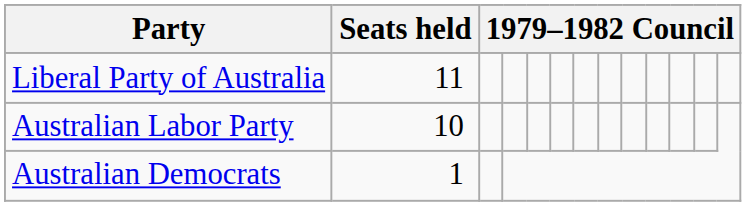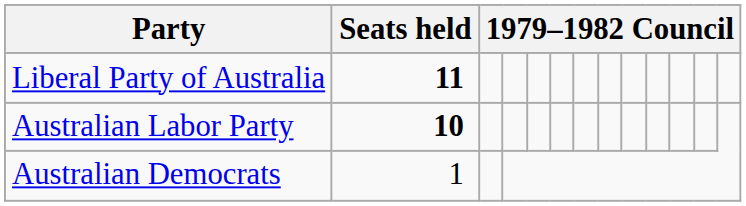 <table class="wikitable">
 <tr>
 <th rowspan=1>Party</th>
 <th colspan=1>Seats held</th>
 <th rowspan=1 colspan=11>1979–1982 Council</th>
 </tr>
 <tr>
 <td><a href='#'>Liberal Party of Australia</a></td>
-<td align=right>11 </td>
+<td align=right><strong>11 </strong></td>
 <td> </td>
 <td> </td>
 <td> </td>
 <td> </td>
 <td> </td>
 <td> </td>
 <td> </td>
 <td> </td>
 <td> </td>
 <td> </td>
 <td> </td>
 </tr>
 <tr>
 <td><a href='#'>Australian Labor Party</a></td>
-<td align=right>10 </td>
+<td align=right><strong>10 </strong></td>
 <td> </td>
 <td> </td>
 <td> </td>
 <td> </td>
 <td> </td>
 <td> </td>
 <td> </td>
 <td> </td>
 <td> </td>
 <td> </td>
 </tr>
 <tr>
 <td><a href='#'>Australian Democrats</a></td>
 <td align=right>1 </td>
 <td> </td>
 </tr>
 </table>
